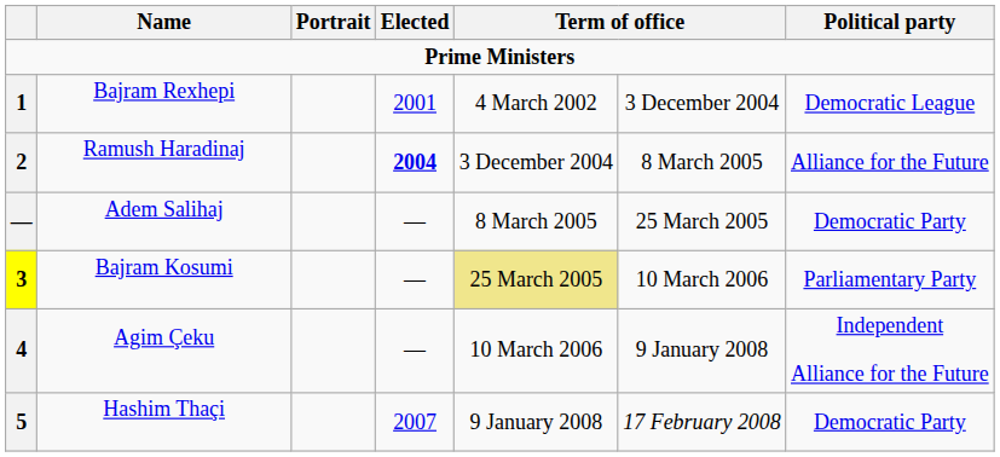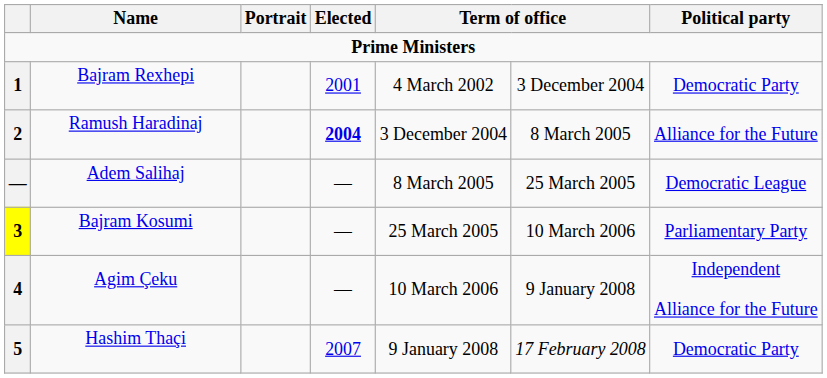 <table class="wikitable" style="text-align:center">
 <tr>
 <th></th>
 <th width=180>Name<br></th>
 <th>Portrait</th>
 <th>Elected</th>
 <th colspan=2>Term of office</th>
 <th>Political party</th>
 </tr>
 <tr>
 <td style="text-align:center;" colspan="7"><strong>Prime Ministers</strong><br></td>
 </tr>
 <tr>
 <th style="background-color:">1</th>
 <td><a href='#'>Bajram Rexhepi</a><br><br></td>
 <td></td>
 <td><a href='#'>2001</a></td>
 <td>4 March 2002</td>
 <td>3 December 2004</td>
-<td><a href='#'>Democratic League</a></td>
+<td><a href='#'>Democratic Party</a></td>
 </tr>
 <tr>
 <th style="background-color:">2</th>
 <td><a href='#'>Ramush Haradinaj</a><br><br></td>
 <td></td>
 <td><strong><a href='#'>2004</a></strong></td>
 <td>3 December 2004</td>
 <td>8 March 2005</td>
 <td><a href='#'>Alliance for the Future</a></td>
 </tr>
 <tr>
 <th style="background-color:">—</th>
 <td><a href='#'>Adem Salihaj</a><br><br></td>
 <td></td>
 <td>—</td>
 <td>8 March 2005</td>
 <td>25 March 2005</td>
-<td><a href='#'>Democratic Party</a></td>
+<td><a href='#'>Democratic League</a></td>
 </tr>
 <tr>
 <th style="background:Yellow; color:black;">3</th>
 <td><a href='#'>Bajram Kosumi</a><br><br></td>
 <td></td>
 <td>—</td>
-<td style="background: khaki;">25 March 2005</td>
+<td>25 March 2005</td>
 <td>10 March 2006</td>
 <td><a href='#'>Parliamentary Party</a></td>
 </tr>
 <tr>
 <th style="background:">4</th>
 <td><a href='#'>Agim Çeku</a><br><br></td>
 <td></td>
 <td>—</td>
 <td>10 March 2006</td>
 <td>9 January 2008</td>
 <td><a href='#'>Independent</a><br><br><a href='#'>Alliance for the Future</a></td>
 </tr>
 <tr>
 <th style="background-color:">5</th>
 <td><a href='#'>Hashim Thaçi</a><br><br></td>
 <td></td>
 <td><a href='#'>2007</a></td>
 <td>9 January 2008</td>
 <td><em>17 February 2008</em></td>
 <td><a href='#'>Democratic Party</a></td>
 </tr>
 </table>
